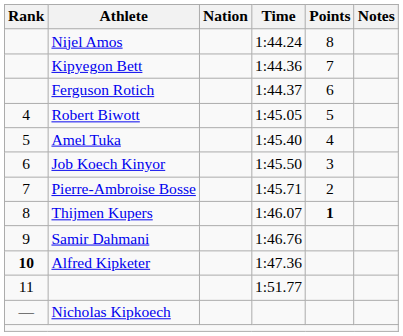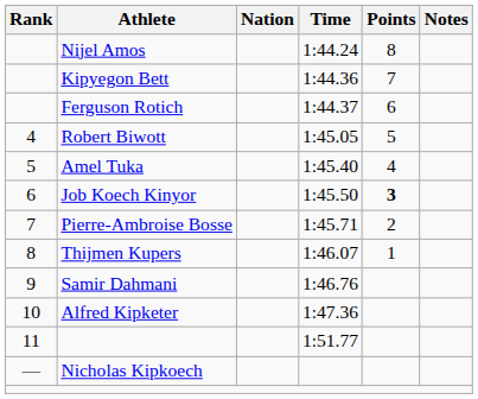 <table class="wikitable mw-datatable sortable" style="text-align:center;">
 <tr>
 <th>Rank</th>
 <th>Athlete</th>
 <th>Nation</th>
 <th>Time</th>
 <th>Points</th>
 <th>Notes</th>
 </tr>
 <tr>
 <td></td>
 <td align=left><a href='#'>Nijel Amos</a></td>
 <td align=left></td>
 <td>1:44.24</td>
 <td>8</td>
 <td></td>
 </tr>
 <tr>
 <td></td>
 <td align=left><a href='#'>Kipyegon Bett</a></td>
 <td align=left></td>
 <td>1:44.36</td>
 <td>7</td>
 <td></td>
 </tr>
 <tr>
 <td></td>
 <td align=left><a href='#'>Ferguson Rotich</a></td>
 <td align=left></td>
 <td>1:44.37</td>
 <td>6</td>
 <td></td>
 </tr>
 <tr>
 <td>4</td>
 <td align=left><a href='#'>Robert Biwott</a></td>
 <td align=left></td>
 <td>1:45.05</td>
 <td>5</td>
 <td></td>
 </tr>
 <tr>
 <td>5</td>
 <td align=left><a href='#'>Amel Tuka</a></td>
 <td align=left></td>
 <td>1:45.40</td>
 <td>4</td>
 <td></td>
 </tr>
 <tr>
 <td>6</td>
 <td align=left><a href='#'>Job Koech Kinyor</a></td>
 <td align=left></td>
 <td>1:45.50</td>
-<td>3</td>
+<td><strong>3</strong></td>
 <td></td>
 </tr>
 <tr>
 <td>7</td>
 <td align=left><a href='#'>Pierre-Ambroise Bosse</a></td>
 <td align=left></td>
 <td>1:45.71</td>
 <td>2</td>
 <td></td>
 </tr>
 <tr>
 <td>8</td>
 <td align=left><a href='#'>Thijmen Kupers</a></td>
 <td align=left></td>
 <td>1:46.07</td>
-<td><strong>1</strong></td>
+<td>1</td>
 <td></td>
 </tr>
 <tr>
 <td>9</td>
 <td align=left><a href='#'>Samir Dahmani</a></td>
 <td align=left></td>
 <td>1:46.76</td>
 <td></td>
 <td></td>
 </tr>
 <tr>
-<td><strong>10</strong></td>
+<td>10</td>
 <td align=left><a href='#'>Alfred Kipketer</a></td>
 <td align=left></td>
 <td>1:47.36</td>
 <td></td>
 <td></td>
 </tr>
 <tr>
 <td>11</td>
 <td align=left></td>
 <td align=left></td>
 <td>1:51.77</td>
 <td></td>
 <td></td>
 </tr>
 <tr>
 <td>—</td>
 <td align=left><a href='#'>Nicholas Kipkoech</a></td>
 <td align=left></td>
 <td></td>
 <td></td>
 <td></td>
 </tr>
 <tr class="sortbottom">
 <td colspan=6></td>
 </tr>
 </table>
